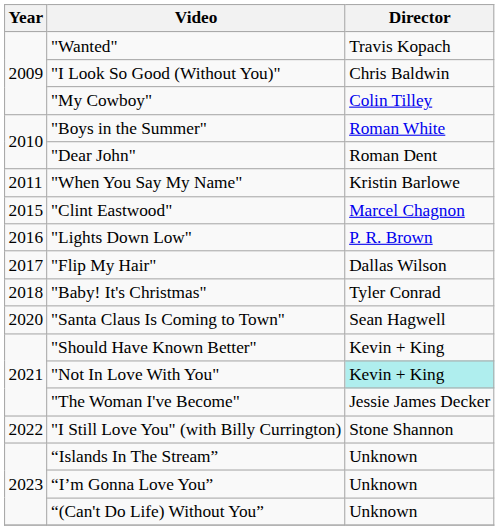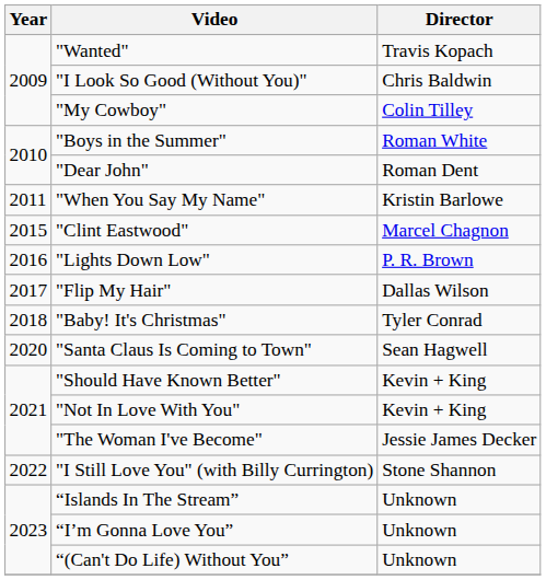 <table class="wikitable">
 <tr>
 <th>Year</th>
 <th>Video</th>
 <th>Director</th>
 </tr>
 <tr>
 <td rowspan="3">2009</td>
 <td>"Wanted"</td>
 <td>Travis Kopach</td>
 </tr>
 <tr>
 <td>"I Look So Good (Without You)"</td>
 <td>Chris Baldwin</td>
 </tr>
 <tr>
 <td>"My Cowboy"</td>
 <td><a href='#'>Colin Tilley</a></td>
 </tr>
 <tr>
 <td rowspan=2>2010</td>
 <td>"Boys in the Summer"</td>
 <td><a href='#'>Roman White</a></td>
 </tr>
 <tr>
 <td>"Dear John"</td>
 <td>Roman Dent</td>
 </tr>
 <tr>
 <td>2011</td>
 <td>"When You Say My Name"</td>
 <td>Kristin Barlowe</td>
 </tr>
 <tr>
 <td>2015</td>
 <td>"Clint Eastwood"</td>
 <td><a href='#'>Marcel Chagnon</a></td>
 </tr>
 <tr>
 <td>2016</td>
 <td>"Lights Down Low"</td>
 <td><a href='#'>P. R. Brown</a></td>
 </tr>
 <tr>
 <td>2017</td>
 <td>"Flip My Hair"</td>
 <td>Dallas Wilson </td>
 </tr>
 <tr>
 <td>2018</td>
 <td>"Baby! It's Christmas"</td>
 <td>Tyler Conrad </td>
 </tr>
 <tr>
 <td>2020</td>
 <td>"Santa Claus Is Coming to Town"</td>
 <td>Sean Hagwell </td>
 </tr>
 <tr>
 <td rowspan="3">2021</td>
 <td>"Should Have Known Better"</td>
 <td>Kevin + King </td>
 </tr>
 <tr>
 <td>"Not In Love With You"</td>
-<td style="background: paleturquoise;">Kevin + King </td>
+<td>Kevin + King </td>
 </tr>
 <tr>
 <td>"The Woman I've Become"</td>
 <td>Jessie James Decker</td>
 </tr>
 <tr>
 <td>2022</td>
 <td>"I Still Love You" (with Billy Currington)</td>
 <td>Stone Shannon</td>
 </tr>
 <tr>
 <td rowspan="3">2023</td>
 <td>“Islands In The Stream”</td>
 <td>Unknown</td>
 </tr>
 <tr>
 <td>“I’m Gonna Love You”</td>
 <td>Unknown</td>
 </tr>
 <tr>
 <td>“(Can't Do Life) Without You”</td>
 <td>Unknown</td>
 </tr>
 <tr>
 </tr>
 </table>
